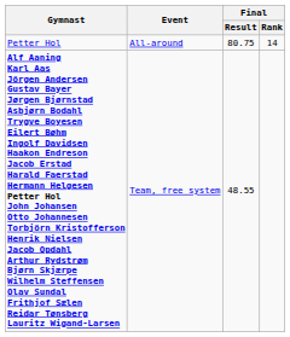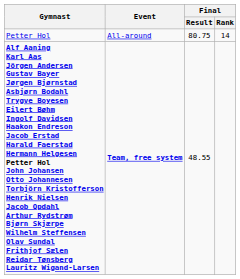 <table class=wikitable style="font-size:90%">
 <tr>
 <th rowspan=2>Gymnast</th>
 <th rowspan=2>Event</th>
 <th colspan=2>Final</th>
 </tr>
 <tr>
 <th>Result</th>
 <th>Rank</th>
 </tr>
 <tr>
 <td><a href='#'>Petter Hol</a></td>
 <td><a href='#'>All-around</a></td>
 <td align=center>80.75</td>
 <td align=center>14</td>
 </tr>
 <tr>
 <td><strong><a href='#'>Alf Aaning</a> <br> <a href='#'>Karl Aas</a> <br> <a href='#'>Jörgen Andersen</a> <br> <a href='#'>Gustav Bayer</a> <br> <a href='#'>Jørgen Bjørnstad</a> <br> <a href='#'>Asbjørn Bodahl</a> <br> <a href='#'>Trygve Boyesen</a> <br> <a href='#'>Eilert Bøhm</a> <br> <a href='#'>Ingolf Davidsen</a> <br> <a href='#'>Haakon Endreson</a> <br> <a href='#'>Jacob Erstad</a> <br> <a href='#'>Harald Faerstad</a> <br> <a href='#'>Hermann Helgesen</a> <br> Petter Hol <br> <a href='#'>John Johansen</a> <br> <a href='#'>Otto Johannesen</a> <br> <a href='#'>Torbjörn Kristofferson</a> <br> <a href='#'>Henrik Nielsen</a> <br> <a href='#'>Jacob Opdahl</a> <br> <a href='#'>Arthur Rydstrøm</a> <br> <a href='#'>Bjørn Skjærpe</a> <br> <a href='#'>Wilhelm Steffensen</a> <br> <a href='#'>Olav Sundal</a> <br> <a href='#'>Frithjof Sælen</a> <br> <a href='#'>Reidar Tønsberg</a> <br> <a href='#'>Lauritz Wigand-Larsen</a></strong></td>
-<td><a href='#'>Team, free system</a></td>
+<td><strong><a href='#'>Team, free system</a></strong></td>
 <td align=center>48.55</td>
 <td align=center></td>
 </tr>
 </table>
